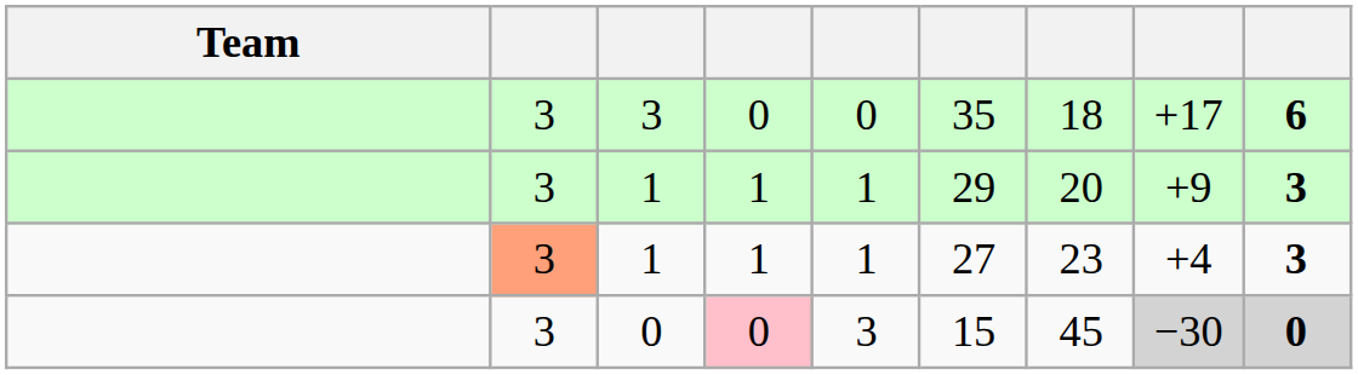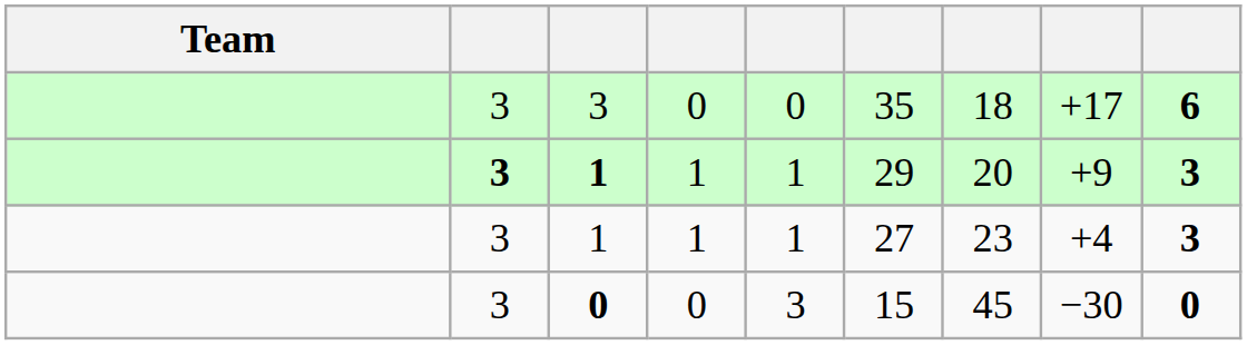 <table class="wikitable" style="text-align:center;font-size:95%">
 <tr>
 <th width=160>Team</th>
 <th width=30></th>
 <th width=30></th>
 <th width=30></th>
 <th width=30></th>
 <th width=30></th>
 <th width=30></th>
 <th width=30></th>
 <th width=30></th>
 </tr>
 <tr bgcolor=ccffcc>
 <td align="left"></td>
 <td>3</td>
 <td>3</td>
 <td>0</td>
 <td>0</td>
 <td>35</td>
 <td>18</td>
 <td>+17</td>
 <td><strong>6</strong></td>
 </tr>
 <tr bgcolor=ccffcc>
 <td align="left"></td>
-<td>3</td>
-<td>1</td>
+<td><strong>3</strong></td>
+<td><strong>1</strong></td>
 <td>1</td>
 <td>1</td>
 <td>29</td>
 <td>20</td>
 <td>+9</td>
 <td><strong>3</strong></td>
 </tr>
 <tr>
 <td align="left"></td>
-<td style="background: lightsalmon;">3</td>
+<td>3</td>
 <td>1</td>
 <td>1</td>
 <td>1</td>
 <td>27</td>
 <td>23</td>
 <td>+4</td>
 <td><strong>3</strong></td>
 </tr>
 <tr>
 <td align="left"></td>
 <td>3</td>
+<td><strong>0</strong></td>
 <td>0</td>
-<td style="background: pink;">0</td>
 <td>3</td>
 <td>15</td>
 <td>45</td>
-<td style="background: lightgrey;">−30</td>
-<td style="background: lightgrey;"><strong>0</strong></td>
+<td>−30</td>
+<td><strong>0</strong></td>
 </tr>
 </table>
